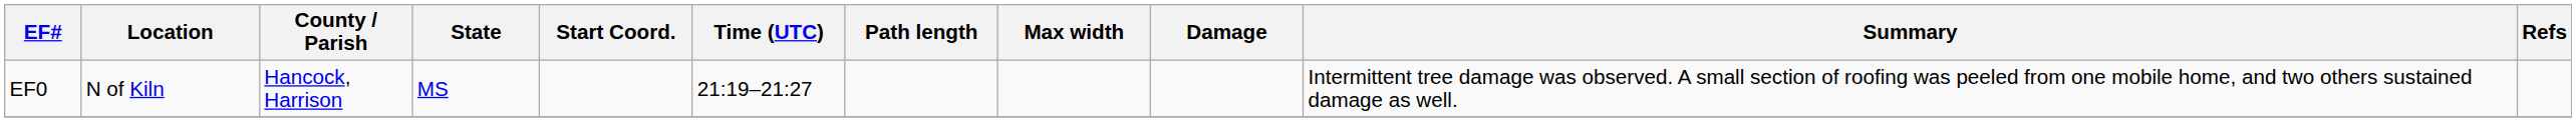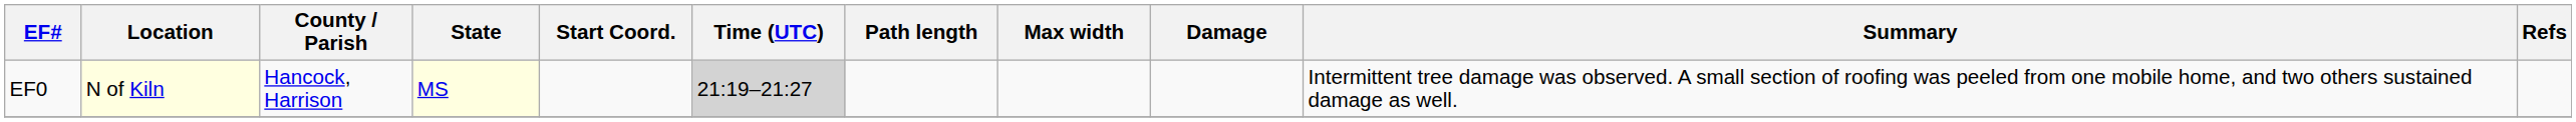 <table class="wikitable sortable" style="width:100%;">
 <tr>
 <th scope="col"  style="width:3%; text-align:center;"><a href='#'>EF#</a></th>
 <th scope="col"  style="width:7%; text-align:center;" class="unsortable">Location</th>
 <th scope="col"  style="width:6%; text-align:center;" class="unsortable">County / Parish</th>
 <th scope="col"  style="width:5%; text-align:center;">State</th>
 <th scope="col"  style="width:6%; text-align:center;">Start Coord.</th>
 <th scope="col"  style="width:6%; text-align:center;">Time (<a href='#'>UTC</a>)</th>
 <th scope="col"  style="width:6%; text-align:center;">Path length</th>
 <th scope="col"  style="width:6%; text-align:center;">Max width</th>
 <th scope="col"  style="width:6%; text-align:center;">Damage</th>
 <th scope="col" class="unsortable" style="width:48%; text-align:center;">Summary</th>
 <th scope="col" class="unsortable" style="width:48%; text-align:center;">Refs</th>
 </tr>
 <tr>
 <td>EF0</td>
-<td>N of <a href='#'>Kiln</a></td>
+<td style="background: lightyellow;">N of <a href='#'>Kiln</a></td>
 <td><a href='#'>Hancock</a>, <a href='#'>Harrison</a></td>
-<td><a href='#'>MS</a></td>
+<td style="background: lightyellow;"><a href='#'>MS</a></td>
 <td></td>
-<td>21:19–21:27</td>
+<td style="background: lightgrey;">21:19–21:27</td>
 <td></td>
 <td></td>
 <td></td>
 <td>Intermittent tree damage was observed. A small section of roofing was peeled from one mobile home, and two others sustained damage as well.</td>
 <td></td>
 </tr>
 <tr>
 </tr>
 </table>
